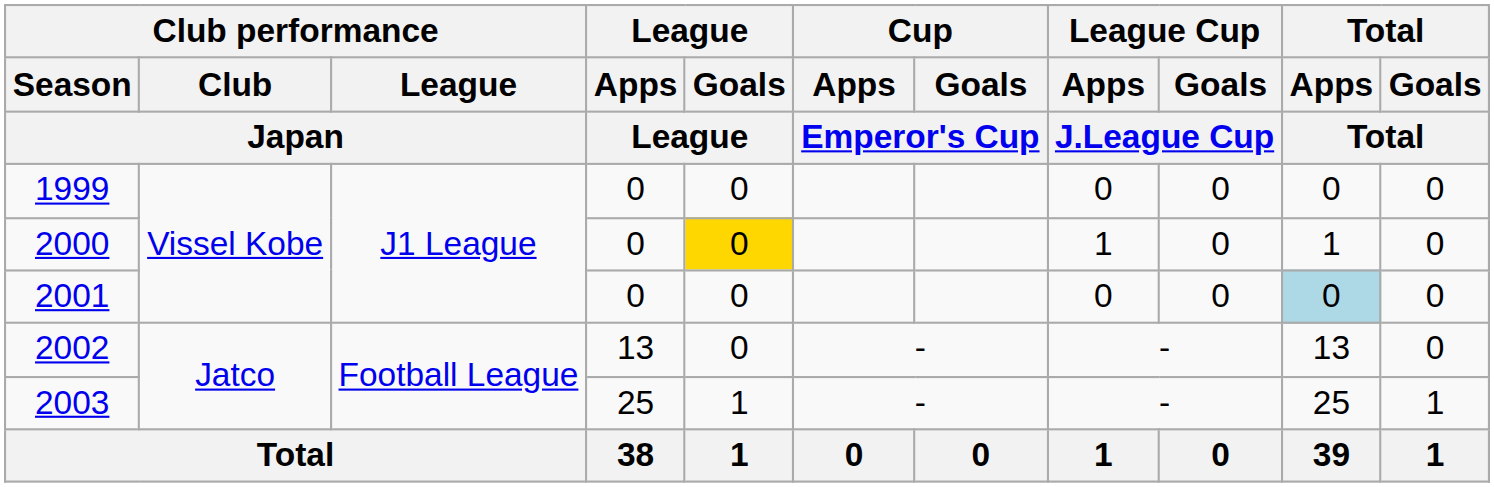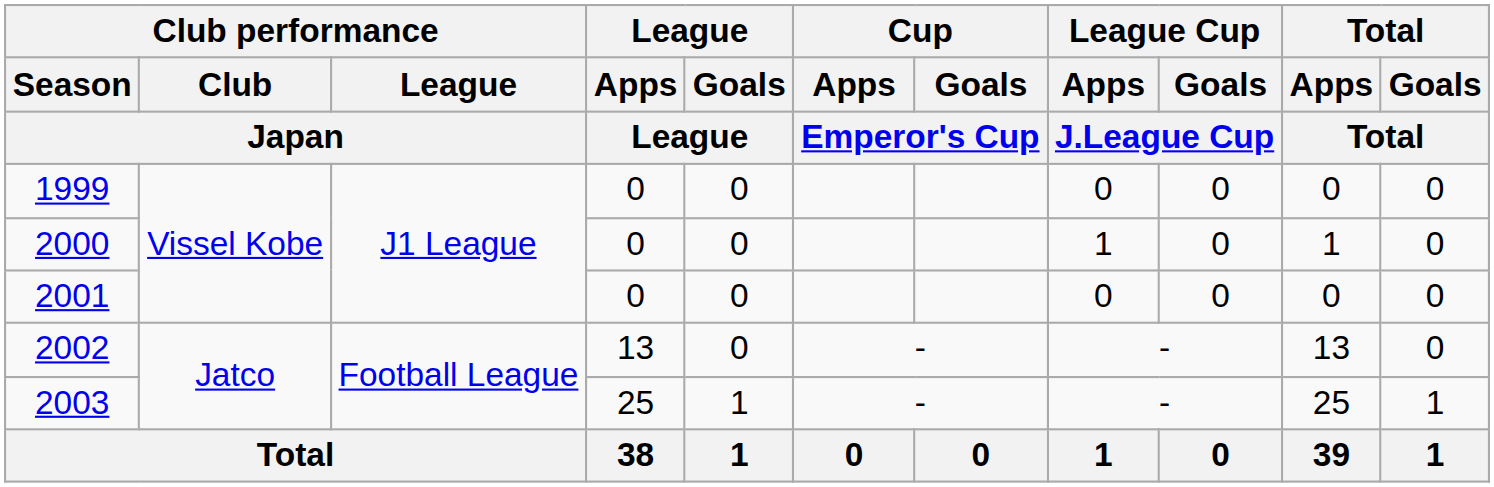 <table class="wikitable" style="text-align:center;">
 <tr>
 <th colspan=3>Club performance</th>
 <th colspan=2>League</th>
 <th colspan=2>Cup</th>
 <th colspan=2>League Cup</th>
 <th colspan=2>Total</th>
 </tr>
 <tr>
 <th>Season</th>
 <th>Club</th>
 <th>League</th>
 <th>Apps</th>
 <th>Goals</th>
 <th>Apps</th>
 <th>Goals</th>
 <th>Apps</th>
 <th>Goals</th>
 <th>Apps</th>
 <th>Goals</th>
 </tr>
 <tr>
 <th colspan=3>Japan</th>
 <th colspan=2>League</th>
 <th colspan=2><a href='#'>Emperor's Cup</a></th>
 <th colspan=2><a href='#'>J.League Cup</a></th>
 <th colspan=2>Total</th>
 </tr>
 <tr>
 <td><a href='#'>1999</a></td>
 <td rowspan="3"><a href='#'>Vissel Kobe</a></td>
 <td rowspan="3"><a href='#'>J1 League</a></td>
 <td>0</td>
 <td>0</td>
 <td></td>
 <td></td>
 <td>0</td>
 <td>0</td>
 <td>0</td>
 <td>0</td>
 </tr>
 <tr>
 <td><a href='#'>2000</a></td>
 <td>0</td>
-<td style="background: gold;">0</td>
+<td>0</td>
 <td></td>
 <td></td>
 <td>1</td>
 <td>0</td>
 <td>1</td>
 <td>0</td>
 </tr>
 <tr>
 <td><a href='#'>2001</a></td>
 <td>0</td>
 <td>0</td>
 <td></td>
 <td></td>
 <td>0</td>
 <td>0</td>
-<td style="background: lightblue;">0</td>
+<td>0</td>
 <td>0</td>
 </tr>
 <tr>
 <td><a href='#'>2002</a></td>
 <td rowspan="2"><a href='#'>Jatco</a></td>
 <td rowspan="2"><a href='#'>Football League</a></td>
 <td>13</td>
 <td>0</td>
 <td colspan="2">-</td>
 <td colspan="2">-</td>
 <td>13</td>
 <td>0</td>
 </tr>
 <tr>
 <td><a href='#'>2003</a></td>
 <td>25</td>
 <td>1</td>
 <td colspan="2">-</td>
 <td colspan="2">-</td>
 <td>25</td>
 <td>1</td>
 </tr>
 <tr>
 <th colspan=3>Total</th>
 <th>38</th>
 <th>1</th>
 <th>0</th>
 <th>0</th>
 <th>1</th>
 <th>0</th>
 <th>39</th>
 <th>1</th>
 </tr>
 </table>
